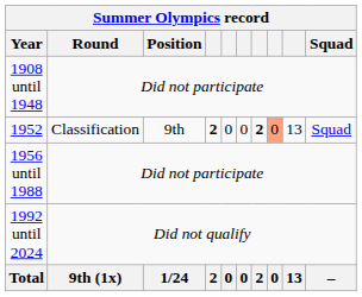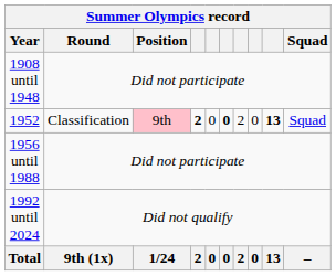 <table class="wikitable" style="text-align: center;">
 <tr>
 <th colspan=10><a href='#'>Summer Olympics</a> record</th>
 </tr>
 <tr>
 <th>Year</th>
 <th>Round</th>
 <th>Position</th>
 <th></th>
 <th></th>
 <th></th>
 <th></th>
 <th></th>
 <th></th>
 <th>Squad</th>
 </tr>
 <tr>
 <td> <a href='#'>1908</a><br>until<br> <a href='#'>1948</a></td>
 <td colspan=9><em>Did not participate</em></td>
 </tr>
 <tr>
 <td> <a href='#'>1952</a></td>
 <td>Classification</td>
-<td>9th</td>
+<td style="background: pink;">9th</td>
 <td><strong>2</strong></td>
 <td>0</td>
+<td><strong>0</strong></td>
+<td>2</td>
 <td>0</td>
-<td><strong>2</strong></td>
-<td style="background: lightsalmon;">0</td>
-<td>13</td>
+<td><strong>13</strong></td>
 <td><a href='#'>Squad</a></td>
 </tr>
 <tr>
 <td> <a href='#'>1956</a><br>until<br> <a href='#'>1988</a></td>
 <td colspan=9><em>Did not participate</em></td>
 </tr>
 <tr>
 <td> <a href='#'>1992</a><br>until<br> <a href='#'>2024</a></td>
 <td colspan=9><em>Did not qualify</em></td>
 </tr>
 <tr>
 <th>Total</th>
 <th>9th (1x)</th>
 <th>1/24</th>
 <th>2</th>
 <th>0</th>
 <th>0</th>
 <th>2</th>
 <th>0</th>
 <th>13</th>
 <th>–</th>
 </tr>
 </table>
